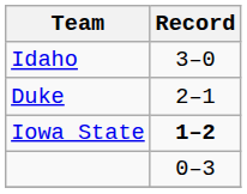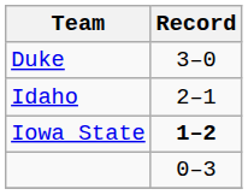 <table class="wikitable" style="text-align:center">
 <tr>
 <th>Team</th>
 <th>Record</th>
 </tr>
 <tr>
-<td align=left><a href='#'>Idaho</a></td>
+<td align=left><a href='#'>Duke</a></td>
 <td>3–0</td>
 </tr>
 <tr>
-<td align=left><a href='#'>Duke</a></td>
+<td align=left><a href='#'>Idaho</a></td>
 <td>2–1</td>
 </tr>
 <tr>
 <td align=left><a href='#'>Iowa State</a></td>
 <td><strong>1–2</strong></td>
 </tr>
 <tr>
 <td align=left></td>
 <td>0–3</td>
 </tr>
 <tr>
 </tr>
 </table>
